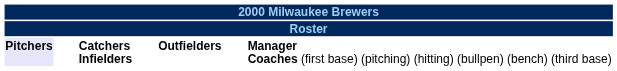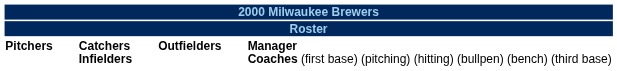 <table class="toccolours" style="font-size: 95%;">
 <tr>
 <th colspan="10" style="background-color: #00285D; color:#9ECEEE;  text-align: center;">2000 Milwaukee Brewers</th>
 </tr>
 <tr>
 <td colspan="10" style="background-color: #00285D; color: #9ECEEE; text-align: center;"><strong>Roster</strong></td>
 </tr>
 <tr>
-<td valign="top" style="background: lavender;"><strong>Pitchers</strong><br>                       </td>
+<td valign="top"><strong>Pitchers</strong><br>                       </td>
 <td width="25px"></td>
 <td valign="top"><strong>Catchers</strong><br>   <strong>Infielders</strong>           </td>
 <td width="25px"></td>
 <td valign="top"><strong>Outfielders</strong><br>       </td>
 <td width="25px"></td>
 <td valign="top"><strong>Manager</strong><br> <strong>Coaches</strong>  (first base)  (pitching)  (hitting)  (bullpen)  (bench)  (third base)</td>
 </tr>
 <tr>
 </tr>
 </table>
